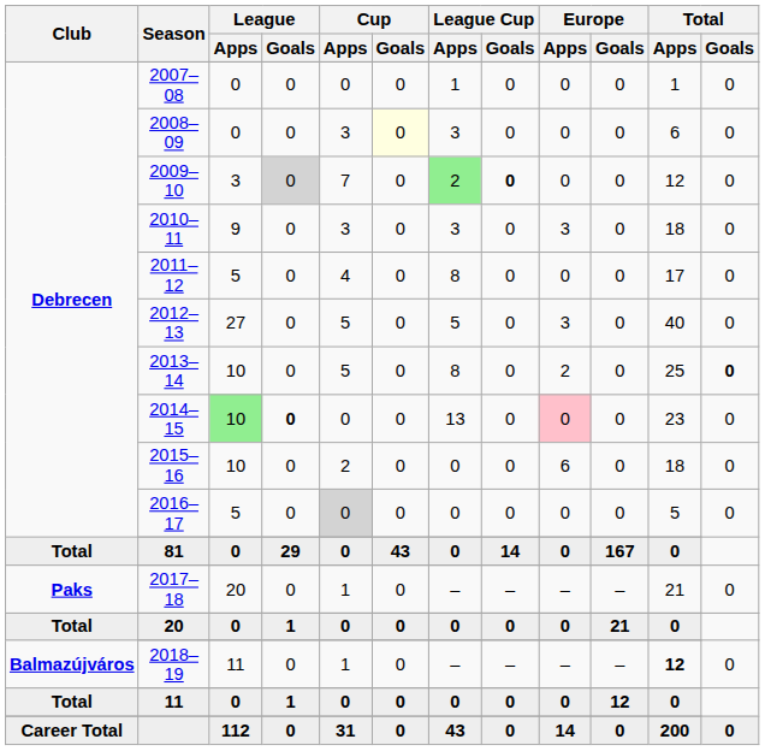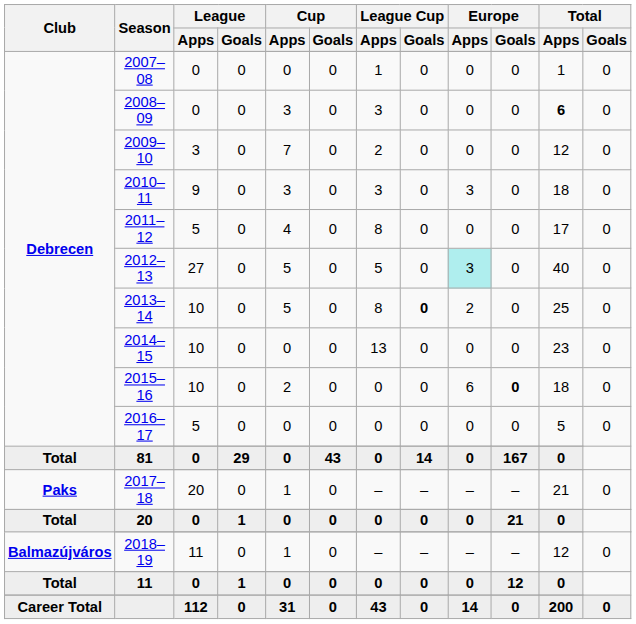 <table class="wikitable" style="font-size:90%; text-align: center;">
 <tr>
 <th rowspan="2">Club</th>
 <th rowspan="2">Season</th>
 <th colspan="2">League</th>
 <th colspan="2">Cup</th>
 <th colspan="2">League Cup</th>
 <th colspan="2">Europe</th>
 <th colspan="2">Total</th>
 </tr>
 <tr>
 <th>Apps</th>
 <th>Goals</th>
 <th>Apps</th>
 <th>Goals</th>
 <th>Apps</th>
 <th>Goals</th>
 <th>Apps</th>
 <th>Goals</th>
 <th>Apps</th>
 <th>Goals</th>
 </tr>
 <tr ||-||-||-|->
 <td rowspan="12" valign="center"><strong><a href='#'>Debrecen</a></strong></td>
 </tr>
 <tr>
 <td><a href='#'>2007–08</a></td>
 <td>0</td>
 <td>0</td>
 <td>0</td>
 <td>0</td>
 <td>1</td>
 <td>0</td>
 <td>0</td>
 <td>0</td>
 <td>1</td>
 <td>0</td>
 </tr>
 <tr>
 <td><a href='#'>2008–09</a></td>
 <td>0</td>
 <td>0</td>
 <td>3</td>
-<td style="background: lightyellow;">0</td>
+<td>0</td>
 <td>3</td>
 <td>0</td>
 <td>0</td>
 <td>0</td>
-<td>6</td>
+<td><strong>6</strong></td>
 <td>0</td>
 </tr>
 <tr>
 <td><a href='#'>2009–10</a></td>
 <td>3</td>
-<td style="background: lightgrey;">0</td>
+<td>0</td>
 <td>7</td>
 <td>0</td>
-<td style="background: lightgreen;">2</td>
-<td><strong>0</strong></td>
+<td>2</td>
+<td>0</td>
 <td>0</td>
 <td>0</td>
 <td>12</td>
 <td>0</td>
 </tr>
 <tr>
 <td><a href='#'>2010–11</a></td>
 <td>9</td>
 <td>0</td>
 <td>3</td>
 <td>0</td>
 <td>3</td>
 <td>0</td>
 <td>3</td>
 <td>0</td>
 <td>18</td>
 <td>0</td>
 </tr>
 <tr>
 <td><a href='#'>2011–12</a></td>
 <td>5</td>
 <td>0</td>
 <td>4</td>
 <td>0</td>
 <td>8</td>
 <td>0</td>
 <td>0</td>
 <td>0</td>
 <td>17</td>
 <td>0</td>
 </tr>
 <tr>
 <td><a href='#'>2012–13</a></td>
 <td>27</td>
 <td>0</td>
 <td>5</td>
 <td>0</td>
 <td>5</td>
 <td>0</td>
-<td>3</td>
+<td style="background: paleturquoise;">3</td>
 <td>0</td>
 <td>40</td>
 <td>0</td>
 </tr>
 <tr>
 <td><a href='#'>2013–14</a></td>
 <td>10</td>
 <td>0</td>
 <td>5</td>
 <td>0</td>
 <td>8</td>
-<td>0</td>
+<td><strong>0</strong></td>
 <td>2</td>
 <td>0</td>
 <td>25</td>
-<td><strong>0</strong></td>
+<td>0</td>
 </tr>
 <tr>
 <td><a href='#'>2014–15</a></td>
-<td style="background: lightgreen;">10</td>
-<td><strong>0</strong></td>
+<td>10</td>
+<td>0</td>
 <td>0</td>
 <td>0</td>
 <td>13</td>
 <td>0</td>
-<td style="background: pink;">0</td>
+<td>0</td>
 <td>0</td>
 <td>23</td>
 <td>0</td>
 </tr>
 <tr>
 <td><a href='#'>2015–16</a></td>
 <td>10</td>
 <td>0</td>
 <td>2</td>
 <td>0</td>
 <td>0</td>
 <td>0</td>
 <td>6</td>
-<td>0</td>
+<td><strong>0</strong></td>
 <td>18</td>
 <td>0</td>
 </tr>
 <tr>
 <td><a href='#'>2016–17</a></td>
 <td>5</td>
 <td>0</td>
-<td style="background: lightgrey;">0</td>
+<td>0</td>
 <td>0</td>
 <td>0</td>
 <td>0</td>
 <td>0</td>
 <td>0</td>
 <td>5</td>
 <td>0</td>
 </tr>
 <tr>
 </tr>
 <tr style="font-weight:bold; background-color:#eeeeee;">
 <td>Total</td>
 <td>81</td>
 <td>0</td>
 <td>29</td>
 <td>0</td>
 <td>43</td>
 <td>0</td>
 <td>14</td>
 <td>0</td>
 <td>167</td>
 <td>0</td>
 </tr>
 <tr>
 <td rowspan="3" valign="center"><strong><a href='#'>Paks</a></strong></td>
 </tr>
 <tr>
 <td><a href='#'>2017–18</a></td>
 <td>20</td>
 <td>0</td>
 <td>1</td>
 <td>0</td>
 <td>–</td>
 <td>–</td>
 <td>–</td>
 <td>–</td>
 <td>21</td>
 <td>0</td>
 </tr>
 <tr>
 </tr>
 <tr style="font-weight:bold; background-color:#eeeeee;">
 <td>Total</td>
 <td>20</td>
 <td>0</td>
 <td>1</td>
 <td>0</td>
 <td>0</td>
 <td>0</td>
 <td>0</td>
 <td>0</td>
 <td>21</td>
 <td>0</td>
 </tr>
 <tr>
 <td rowspan="3" valign="center"><strong><a href='#'>Balmazújváros</a></strong></td>
 </tr>
 <tr>
 <td><a href='#'>2018–19</a></td>
 <td>11</td>
 <td>0</td>
 <td>1</td>
 <td>0</td>
 <td>–</td>
 <td>–</td>
 <td>–</td>
 <td>–</td>
-<td><strong>12</strong></td>
+<td>12</td>
 <td>0</td>
 </tr>
 <tr>
 </tr>
 <tr style="font-weight:bold; background-color:#eeeeee;">
 <td>Total</td>
 <td>11</td>
 <td>0</td>
 <td>1</td>
 <td>0</td>
 <td>0</td>
 <td>0</td>
 <td>0</td>
 <td>0</td>
 <td>12</td>
 <td>0</td>
 </tr>
 <tr>
 </tr>
 <tr style="font-weight:bold; background-color:#eeeeee;">
 <td rowspan="1" valign="top"><strong>Career Total</strong></td>
 <td></td>
 <td><strong>112</strong></td>
 <td><strong>0</strong></td>
 <td><strong>31</strong></td>
 <td><strong>0</strong></td>
 <td><strong>43</strong></td>
 <td><strong>0</strong></td>
 <td><strong>14</strong></td>
 <td><strong>0</strong></td>
 <td><strong>200</strong></td>
 <td><strong>0</strong></td>
 </tr>
 </table>
